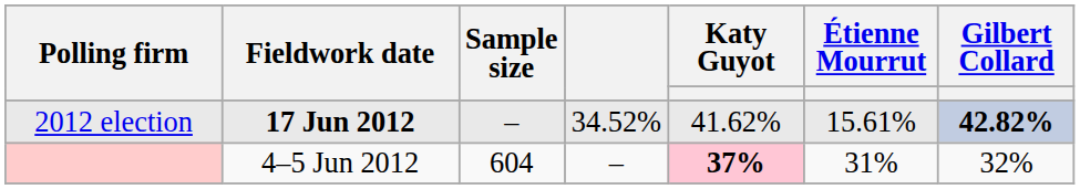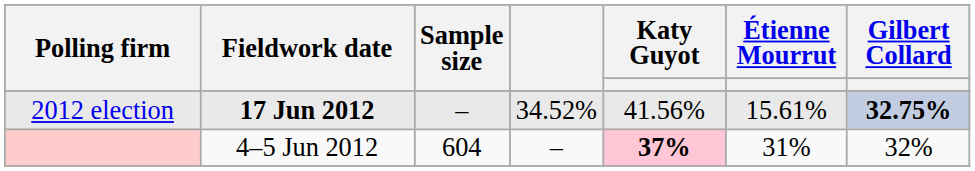 <table class="wikitable sortable" style="text-align:center;font-size:90%;line-height:14px;">
 <tr style="height:40px;">
 <th style="width:100px;" rowspan="2">Polling firm</th>
 <th style="width:110px;" rowspan="2">Fieldwork date</th>
 <th style="width:35px;" rowspan="2">Sample<br>size</th>
 <th style="width:30px;" rowspan="2"></th>
 <th class="unsortable" style="width:60px;">Katy Guyot<br></th>
 <th class="unsortable" style="width:60px;"><a href='#'>Étienne Mourrut</a><br></th>
 <th class="unsortable" style="width:60px;"><a href='#'>Gilbert Collard</a><br></th>
 </tr>
 <tr>
 <th style="background:"></th>
 <th style="background:"></th>
 <th style="background:"></th>
 </tr>
 <tr style="background:#E9E9E9;">
 <td><a href='#'>2012 election</a></td>
 <td data-sort-value="2012-06-17"><strong>17 Jun 2012</strong></td>
 <td>–</td>
 <td>34.52%</td>
-<td>41.62%</td>
+<td>41.56%</td>
 <td>15.61%</td>
-<td style="background:#C1CCE1;"><strong>42.82%</strong></td>
+<td style="background:#C1CCE1;"><strong>32.75%</strong></td>
 </tr>
 <tr>
 <td style="background:#FFCCCC;"></td>
 <td data-sort-value="2012-06-05">4–5 Jun 2012</td>
 <td>604</td>
 <td>–</td>
 <td style="background:#FFC6D5;"><strong>37%</strong></td>
 <td>31%</td>
 <td>32%</td>
 </tr>
 </table>
